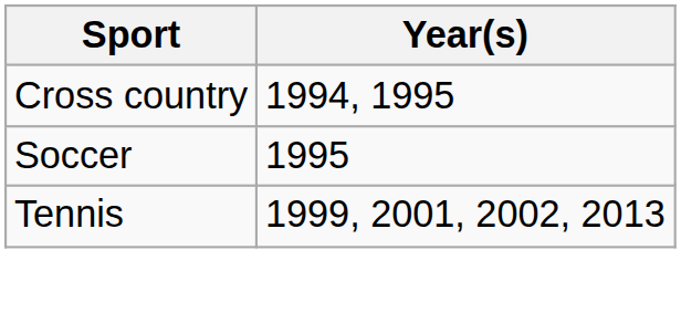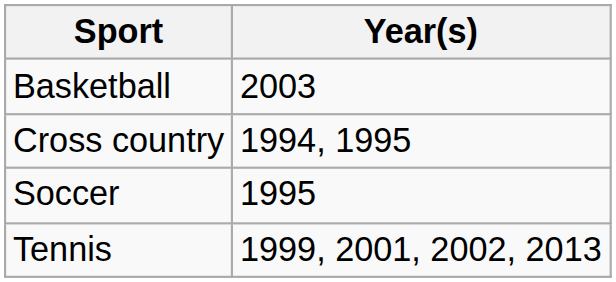 <table class="wikitable">
 <tr>
 <th>Sport</th>
 <th>Year(s)</th>
+</tr>
+<tr>
+<td>Basketball</td>
+<td>2003</td>
 </tr>
 <tr>
 <td>Cross country</td>
 <td>1994, 1995</td>
 </tr>
 <tr>
 <td>Soccer</td>
 <td>1995</td>
 </tr>
 <tr>
 <td>Tennis</td>
 <td>1999, 2001, 2002, 2013</td>
 </tr>
 </table>
